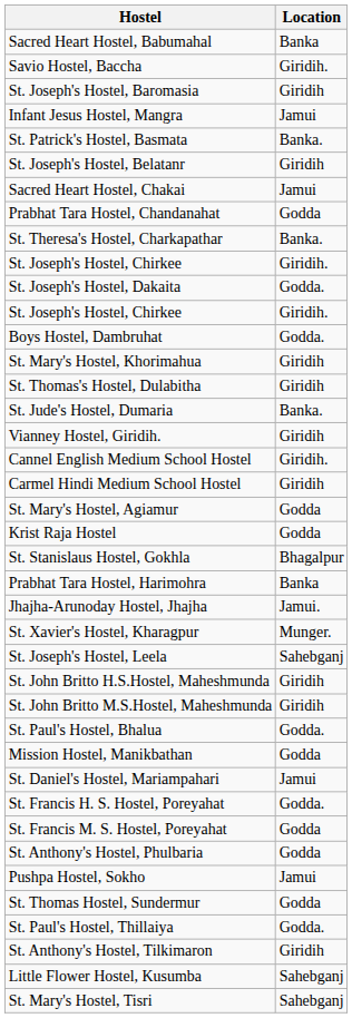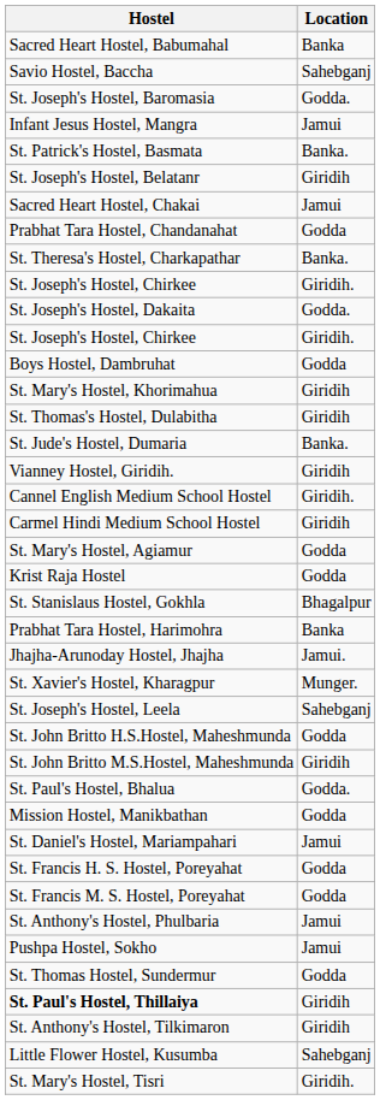 <table class="wikitable">
 <tr>
 <th>Hostel</th>
 <th>Location</th>
 </tr>
 <tr>
 <td>Sacred Heart Hostel, Babumahal</td>
 <td>Banka</td>
 </tr>
 <tr>
 <td>Savio Hostel, Baccha</td>
-<td>Giridih.</td>
+<td>Sahebganj</td>
 </tr>
 <tr>
 <td>St. Joseph's Hostel, Baromasia</td>
-<td>Giridih</td>
+<td>Godda.</td>
 </tr>
 <tr>
 <td>Infant Jesus Hostel, Mangra</td>
 <td>Jamui</td>
 </tr>
 <tr>
 <td>St. Patrick's Hostel, Basmata</td>
 <td>Banka.</td>
 </tr>
 <tr>
 <td>St. Joseph's Hostel, Belatanr</td>
 <td>Giridih</td>
 </tr>
 <tr>
 <td>Sacred Heart Hostel, Chakai</td>
 <td>Jamui</td>
 </tr>
 <tr>
 <td>Prabhat Tara Hostel, Chandanahat</td>
 <td>Godda</td>
 </tr>
 <tr>
 <td>St. Theresa's Hostel, Charkapathar</td>
 <td>Banka.</td>
 </tr>
 <tr>
 <td>St. Joseph's Hostel, Chirkee</td>
 <td>Giridih.</td>
 </tr>
 <tr>
 <td>St. Joseph's Hostel, Dakaita</td>
 <td>Godda.</td>
 </tr>
 <tr>
 <td>St. Joseph's Hostel, Chirkee</td>
 <td>Giridih.</td>
 </tr>
 <tr>
 <td>Boys Hostel, Dambruhat</td>
-<td>Godda.</td>
+<td>Godda</td>
 </tr>
 <tr>
 <td>St. Mary's Hostel, Khorimahua</td>
 <td>Giridih</td>
 </tr>
 <tr>
 <td>St. Thomas's Hostel, Dulabitha</td>
 <td>Giridih</td>
 </tr>
 <tr>
 <td>St. Jude's Hostel, Dumaria</td>
 <td>Banka.</td>
 </tr>
 <tr>
 <td>Vianney Hostel, Giridih.</td>
 <td>Giridih</td>
 </tr>
 <tr>
 <td>Cannel English Medium School Hostel</td>
 <td>Giridih.</td>
 </tr>
 <tr>
 <td>Carmel Hindi Medium School Hostel</td>
 <td>Giridih</td>
 </tr>
 <tr>
 <td>St. Mary's Hostel, Agiamur</td>
 <td>Godda</td>
 </tr>
 <tr>
 <td>Krist Raja Hostel</td>
 <td>Godda</td>
 </tr>
 <tr>
 <td>St. Stanislaus Hostel, Gokhla</td>
 <td>Bhagalpur</td>
 </tr>
 <tr>
 <td>Prabhat Tara Hostel, Harimohra</td>
 <td>Banka</td>
 </tr>
 <tr>
 <td>Jhajha-Arunoday Hostel, Jhajha</td>
 <td>Jamui.</td>
 </tr>
 <tr>
 <td>St. Xavier's Hostel, Kharagpur</td>
 <td>Munger.</td>
 </tr>
 <tr>
 <td>St. Joseph's Hostel, Leela</td>
 <td>Sahebganj</td>
 </tr>
 <tr>
 <td>St. John Britto H.S.Hostel, Maheshmunda</td>
-<td>Giridih</td>
+<td>Godda</td>
 </tr>
 <tr>
 <td>St. John Britto M.S.Hostel, Maheshmunda</td>
 <td>Giridih</td>
 </tr>
 <tr>
 <td>St. Paul's Hostel, Bhalua</td>
 <td>Godda.</td>
 </tr>
 <tr>
 <td>Mission Hostel, Manikbathan</td>
 <td>Godda</td>
 </tr>
 <tr>
 <td>St. Daniel's Hostel, Mariampahari</td>
 <td>Jamui</td>
 </tr>
 <tr>
 <td>St. Francis H. S. Hostel, Poreyahat</td>
-<td>Godda.</td>
+<td>Godda</td>
 </tr>
 <tr>
 <td>St. Francis M. S. Hostel, Poreyahat</td>
 <td>Godda</td>
 </tr>
 <tr>
 <td>St. Anthony's Hostel, Phulbaria</td>
-<td>Godda</td>
+<td>Jamui</td>
 </tr>
 <tr>
 <td>Pushpa Hostel, Sokho</td>
 <td>Jamui</td>
 </tr>
 <tr>
 <td>St. Thomas Hostel, Sundermur</td>
 <td>Godda</td>
 </tr>
 <tr>
-<td>St. Paul's Hostel, Thillaiya</td>
-<td>Godda.</td>
+<td><strong>St. Paul's Hostel, Thillaiya</strong></td>
+<td>Giridih</td>
 </tr>
 <tr>
 <td>St. Anthony's Hostel, Tilkimaron</td>
 <td>Giridih</td>
 </tr>
 <tr>
 <td>Little Flower Hostel, Kusumba</td>
 <td>Sahebganj</td>
 </tr>
 <tr>
 <td>St. Mary's Hostel, Tisri</td>
-<td>Sahebganj</td>
+<td>Giridih.</td>
 </tr>
 </table>
